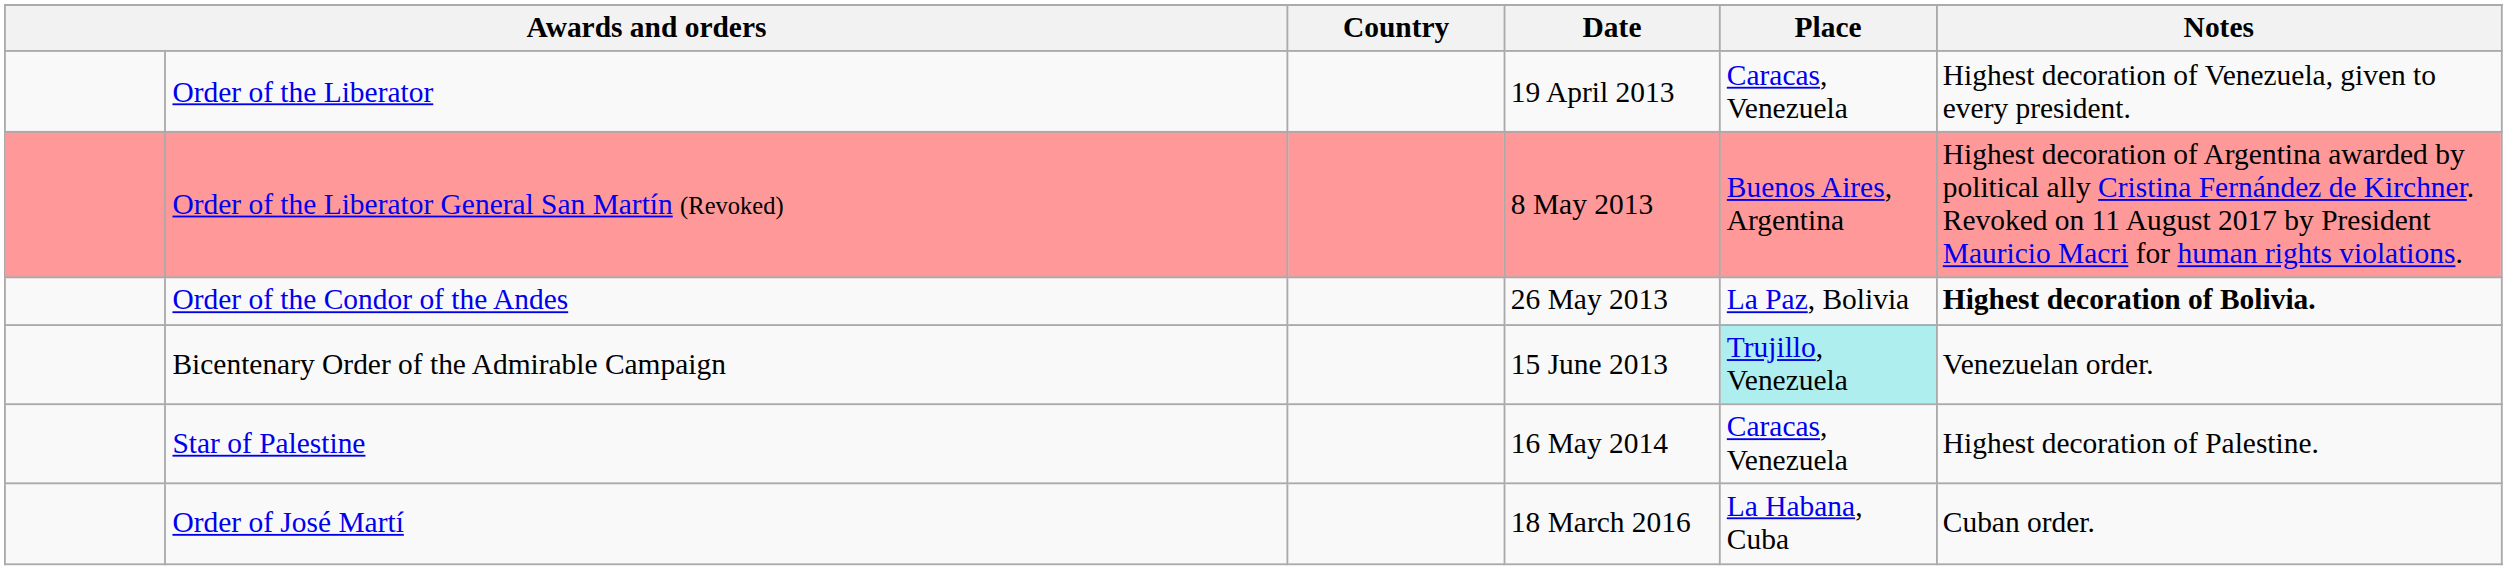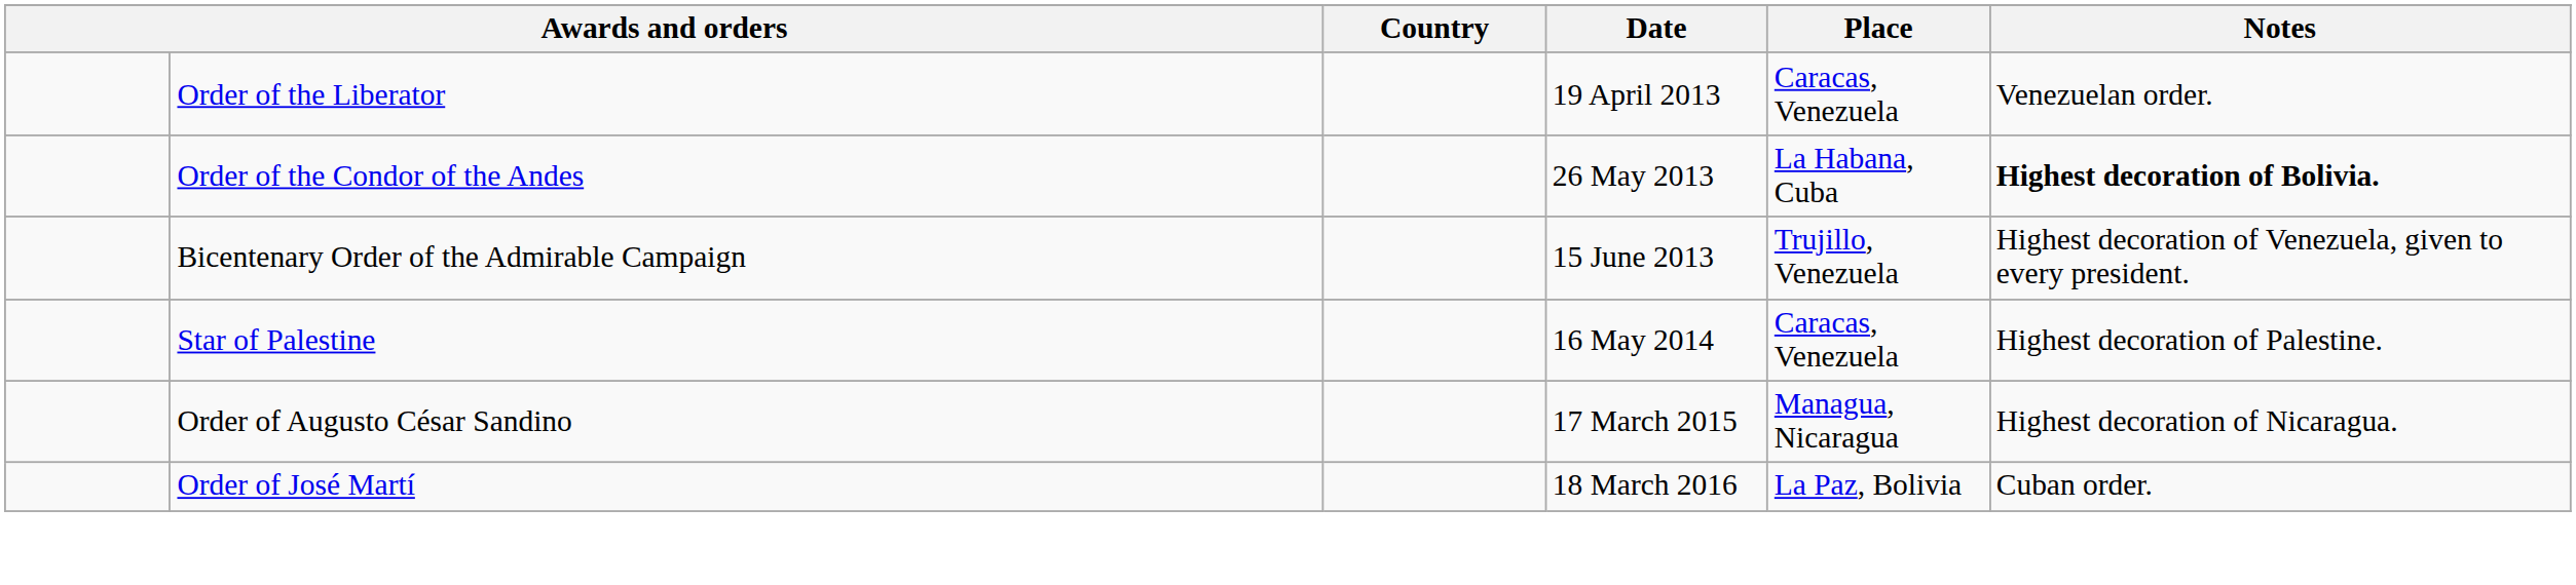 <table class="wikitable" style="text-align:left;">
 <tr>
 </tr>
 <tr>
 <th scope="col" colspan="2" style="width:690px;">Awards and orders</th>
 <th scope="col" style="width:110px;">Country</th>
 <th scope="col" style="width:110px;">Date</th>
 <th scope="col" style="width:110px;">Place</th>
 <th scope="col" style="width:300px;">Notes</th>
 </tr>
 <tr>
 <td></td>
 <td><a href='#'>Order of the Liberator</a></td>
 <td></td>
 <td>19 April 2013</td>
 <td><a href='#'>Caracas</a>, Venezuela</td>
-<td>Highest decoration of Venezuela, given to every president.</td>
-</tr>
-<tr>
-<td style="background:#f99"></td>
-<td style="background:#f99"><a href='#'>Order of the Liberator General San Martín</a> <small>(Revoked)</small></td>
-<td style="background:#f99"></td>
-<td style="background:#f99">8 May 2013</td>
-<td style="background:#f99"><a href='#'>Buenos Aires</a>, Argentina</td>
-<td style="background:#f99">Highest decoration of Argentina awarded by political ally <a href='#'>Cristina Fernández de Kirchner</a>. Revoked on 11 August 2017 by President <a href='#'>Mauricio Macri</a> for <a href='#'>human rights violations</a>.</td>
+<td>Venezuelan order.</td>
 </tr>
 <tr>
 <td></td>
 <td><a href='#'>Order of the Condor of the Andes</a></td>
 <td></td>
 <td>26 May 2013</td>
-<td><a href='#'>La Paz</a>, Bolivia</td>
+<td><a href='#'>La Habana</a>, Cuba</td>
 <td><strong>Highest decoration of Bolivia.</strong></td>
 </tr>
 <tr>
 <td style="width:80px;"></td>
 <td>Bicentenary Order of the Admirable Campaign</td>
 <td></td>
 <td>15 June 2013</td>
-<td style="background: paleturquoise;"><a href='#'>Trujillo</a>, Venezuela</td>
-<td>Venezuelan order.</td>
+<td><a href='#'>Trujillo</a>, Venezuela</td>
+<td>Highest decoration of Venezuela, given to every president.</td>
 </tr>
 <tr>
 <td></td>
 <td><a href='#'>Star of Palestine</a></td>
 <td></td>
 <td>16 May 2014</td>
 <td><a href='#'>Caracas</a>, Venezuela</td>
 <td>Highest decoration of Palestine.</td>
 </tr>
 <tr>
 <td></td>
+<td>Order of Augusto César Sandino</td>
+<td></td>
+<td>17 March 2015</td>
+<td><a href='#'>Managua</a>, Nicaragua</td>
+<td>Highest decoration of Nicaragua.</td>
+</tr>
+<tr>
+<td></td>
 <td><a href='#'>Order of José Martí</a></td>
 <td></td>
 <td>18 March 2016</td>
-<td><a href='#'>La Habana</a>, Cuba</td>
+<td><a href='#'>La Paz</a>, Bolivia</td>
 <td>Cuban order.</td>
 </tr>
 </table>
